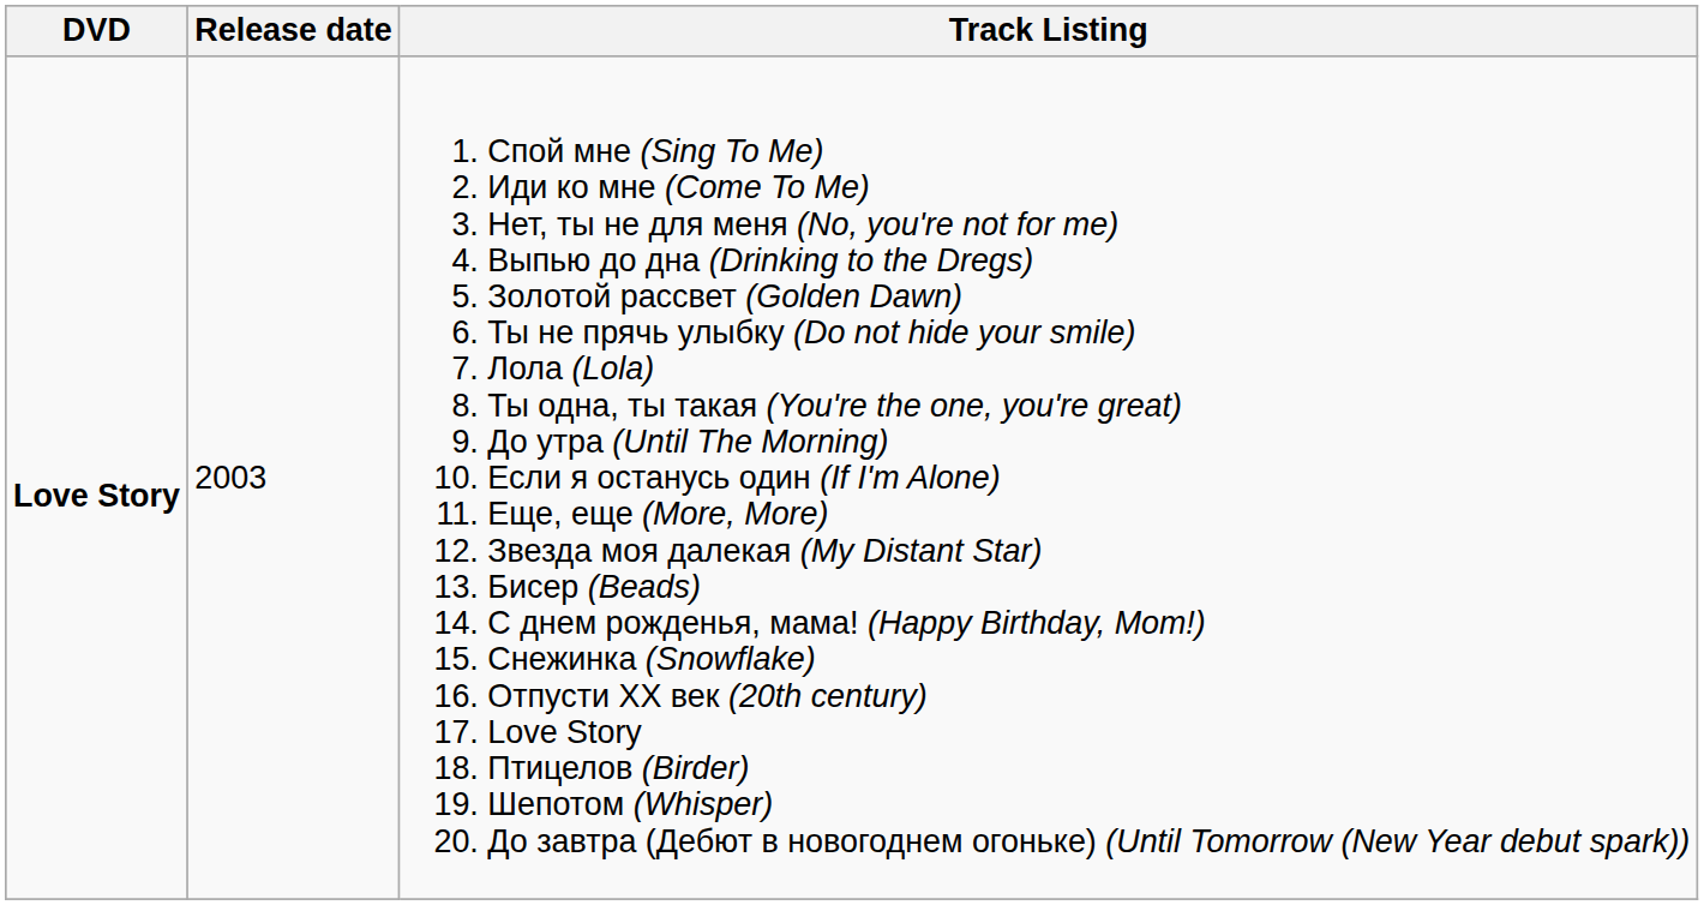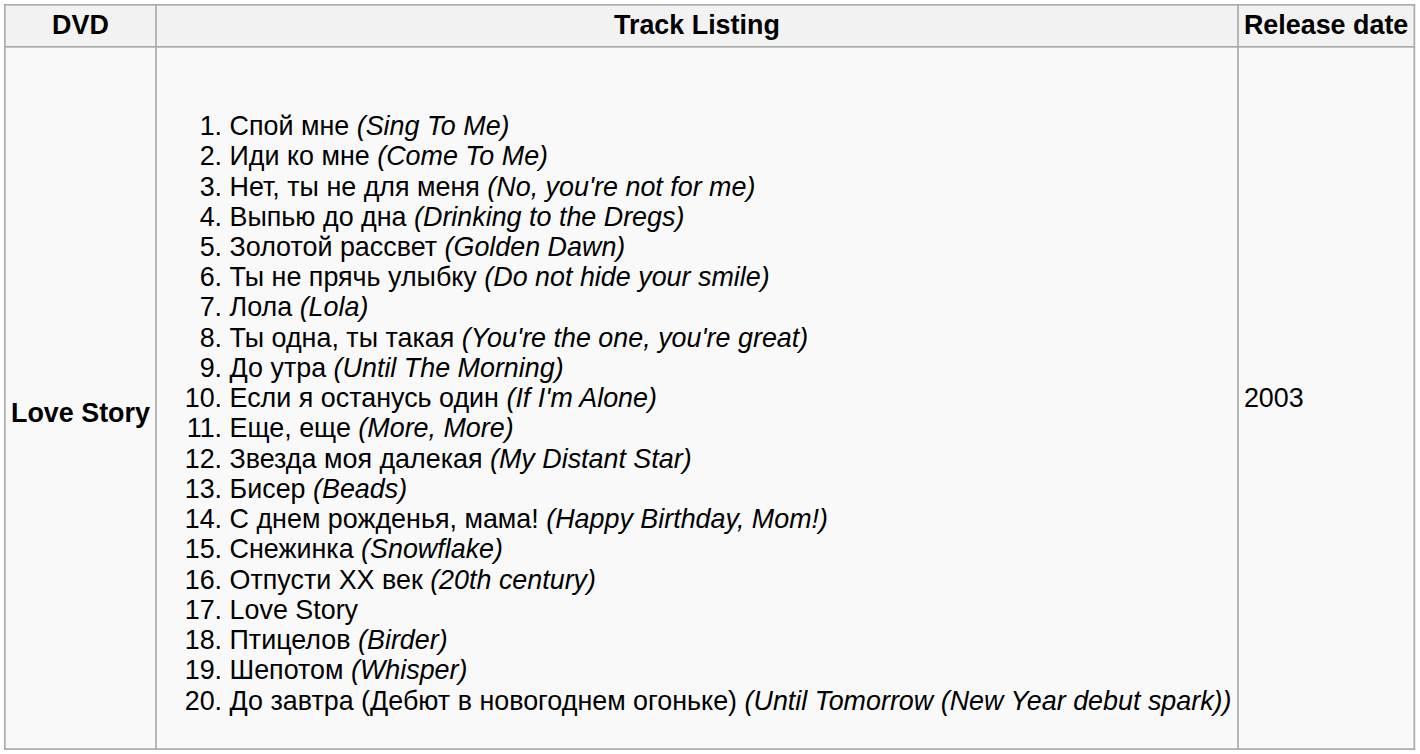 <table class="wikitable collapsible collapsed">
 <tr>
 <th>DVD</th>
+<th>Track Listing</th>
 <th>Release date</th>
-<th>Track Listing</th>
 </tr>
 <tr>
 <td><br><strong>Love Story</strong></td>
+<td><br><ol><li>Спой мне <em>(Sing To Me)</em></li><li>Иди ко мне <em>(Come To Me)</em></li><li>Нет, ты не для меня <em>(No, you're not for me)</em></li><li>Выпью до дна <em>(Drinking to the Dregs)</em></li><li>Золотой рассвет <em>(Golden Dawn)</em></li><li>Ты не прячь улыбку <em>(Do not hide your smile)</em></li><li>Лола <em>(Lola)</em></li><li>Ты одна, ты такая <em>(You're the one, you're great)</em></li><li>До утра <em>(Until The Morning)</em></li><li>Если я останусь один <em>(If I'm Alone)</em></li><li>Еще, еще <em>(More, More)</em></li><li>Звезда моя далекая <em>(My Distant Star)</em></li><li>Бисер <em>(Beads)</em></li><li>С днем рожденья, мама! <em>(Happy Birthday, Mom!)</em></li><li>Снежинка <em>(Snowflake)</em></li><li>Отпусти XX век <em>(20th century)</em></li><li>Love Story</li><li>Птицелов <em>(Birder)</em></li><li>Шепотом <em>(Whisper)</em></li><li>До завтра (Дебют в новогоднем огоньке) <em>(Until Tomorrow (New Year debut spark))</em></li></ol></td>
 <td>2003</td>
-<td><br><ol><li>Спой мне <em>(Sing To Me)</em></li><li>Иди ко мне <em>(Come To Me)</em></li><li>Нет, ты не для меня <em>(No, you're not for me)</em></li><li>Выпью до дна <em>(Drinking to the Dregs)</em></li><li>Золотой рассвет <em>(Golden Dawn)</em></li><li>Ты не прячь улыбку <em>(Do not hide your smile)</em></li><li>Лола <em>(Lola)</em></li><li>Ты одна, ты такая <em>(You're the one, you're great)</em></li><li>До утра <em>(Until The Morning)</em></li><li>Если я останусь один <em>(If I'm Alone)</em></li><li>Еще, еще <em>(More, More)</em></li><li>Звезда моя далекая <em>(My Distant Star)</em></li><li>Бисер <em>(Beads)</em></li><li>С днем рожденья, мама! <em>(Happy Birthday, Mom!)</em></li><li>Снежинка <em>(Snowflake)</em></li><li>Отпусти XX век <em>(20th century)</em></li><li>Love Story</li><li>Птицелов <em>(Birder)</em></li><li>Шепотом <em>(Whisper)</em></li><li>До завтра (Дебют в новогоднем огоньке) <em>(Until Tomorrow (New Year debut spark))</em></li></ol></td>
 </tr>
 </table>
